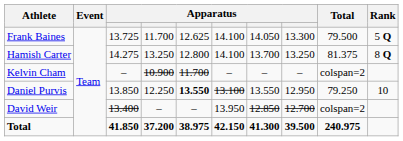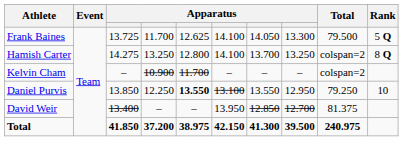 <table class="wikitable" style="font-size:90%">
 <tr>
 <th rowspan=2>Athlete</th>
 <th rowspan=2>Event</th>
 <th colspan=6>Apparatus</th>
 <th rowspan=2>Total</th>
 <th rowspan=2>Rank</th>
 </tr>
 <tr style="font-size:95%">
 <th></th>
 <th></th>
 <th></th>
 <th></th>
 <th></th>
 <th></th>
 </tr>
 <tr align=center>
 <td align=left><a href='#'>Frank Baines</a></td>
 <td style="text-align:left;" rowspan="6"><a href='#'>Team</a></td>
 <td align="center">13.725</td>
 <td align="center">11.700</td>
 <td align="center">12.625</td>
 <td align="center">14.100</td>
 <td align="center">14.050</td>
 <td align="center">13.300</td>
 <td>79.500</td>
 <td>5 <strong>Q</strong></td>
 </tr>
 <tr align=center>
 <td align=left><a href='#'>Hamish Carter</a></td>
 <td align="center">14.275</td>
 <td align="center">13.250</td>
 <td align="center">12.800</td>
 <td align="center">14.100</td>
 <td align="center">13.700</td>
 <td align="center">13.250</td>
-<td>81.375</td>
+<td>colspan=2 </td>
 <td>8 <strong>Q</strong></td>
 </tr>
 <tr align=center>
 <td align=left><a href='#'>Kelvin Cham</a></td>
 <td align="center">–</td>
 <td align="center"><s>10.900</s></td>
 <td align="center"><s>11.700</s></td>
 <td align="center">–</td>
 <td align="center">–</td>
 <td align="center">–</td>
 <td>colspan=2 </td>
 </tr>
 <tr align=center>
 <td align=left><a href='#'>Daniel Purvis</a></td>
 <td align="center">13.850</td>
 <td align="center">12.250</td>
 <td align="center"><strong>13.550</strong></td>
 <td align="center"><s>13.100</s></td>
 <td align="center">13.550</td>
 <td align="center">12.950</td>
 <td>79.250</td>
 <td>10</td>
 </tr>
 <tr align=center>
 <td align=left><a href='#'>David Weir</a></td>
 <td align="center"><s>13.400</s></td>
 <td align="center">–</td>
 <td align="center">–</td>
 <td align="center">13.950</td>
 <td align="center"><s>12.850</s></td>
 <td align="center"><s>12.700</s></td>
-<td>colspan=2 </td>
+<td>81.375</td>
 </tr>
 <tr align=center>
 <td align=left><strong>Total</strong></td>
 <td><strong>41.850</strong></td>
 <td><strong>37.200</strong></td>
 <td><strong>38.975</strong></td>
 <td><strong>42.150</strong></td>
 <td><strong>41.300</strong></td>
 <td><strong>39.500</strong></td>
 <td><strong>240.975</strong></td>
 <td></td>
 </tr>
 </table>
